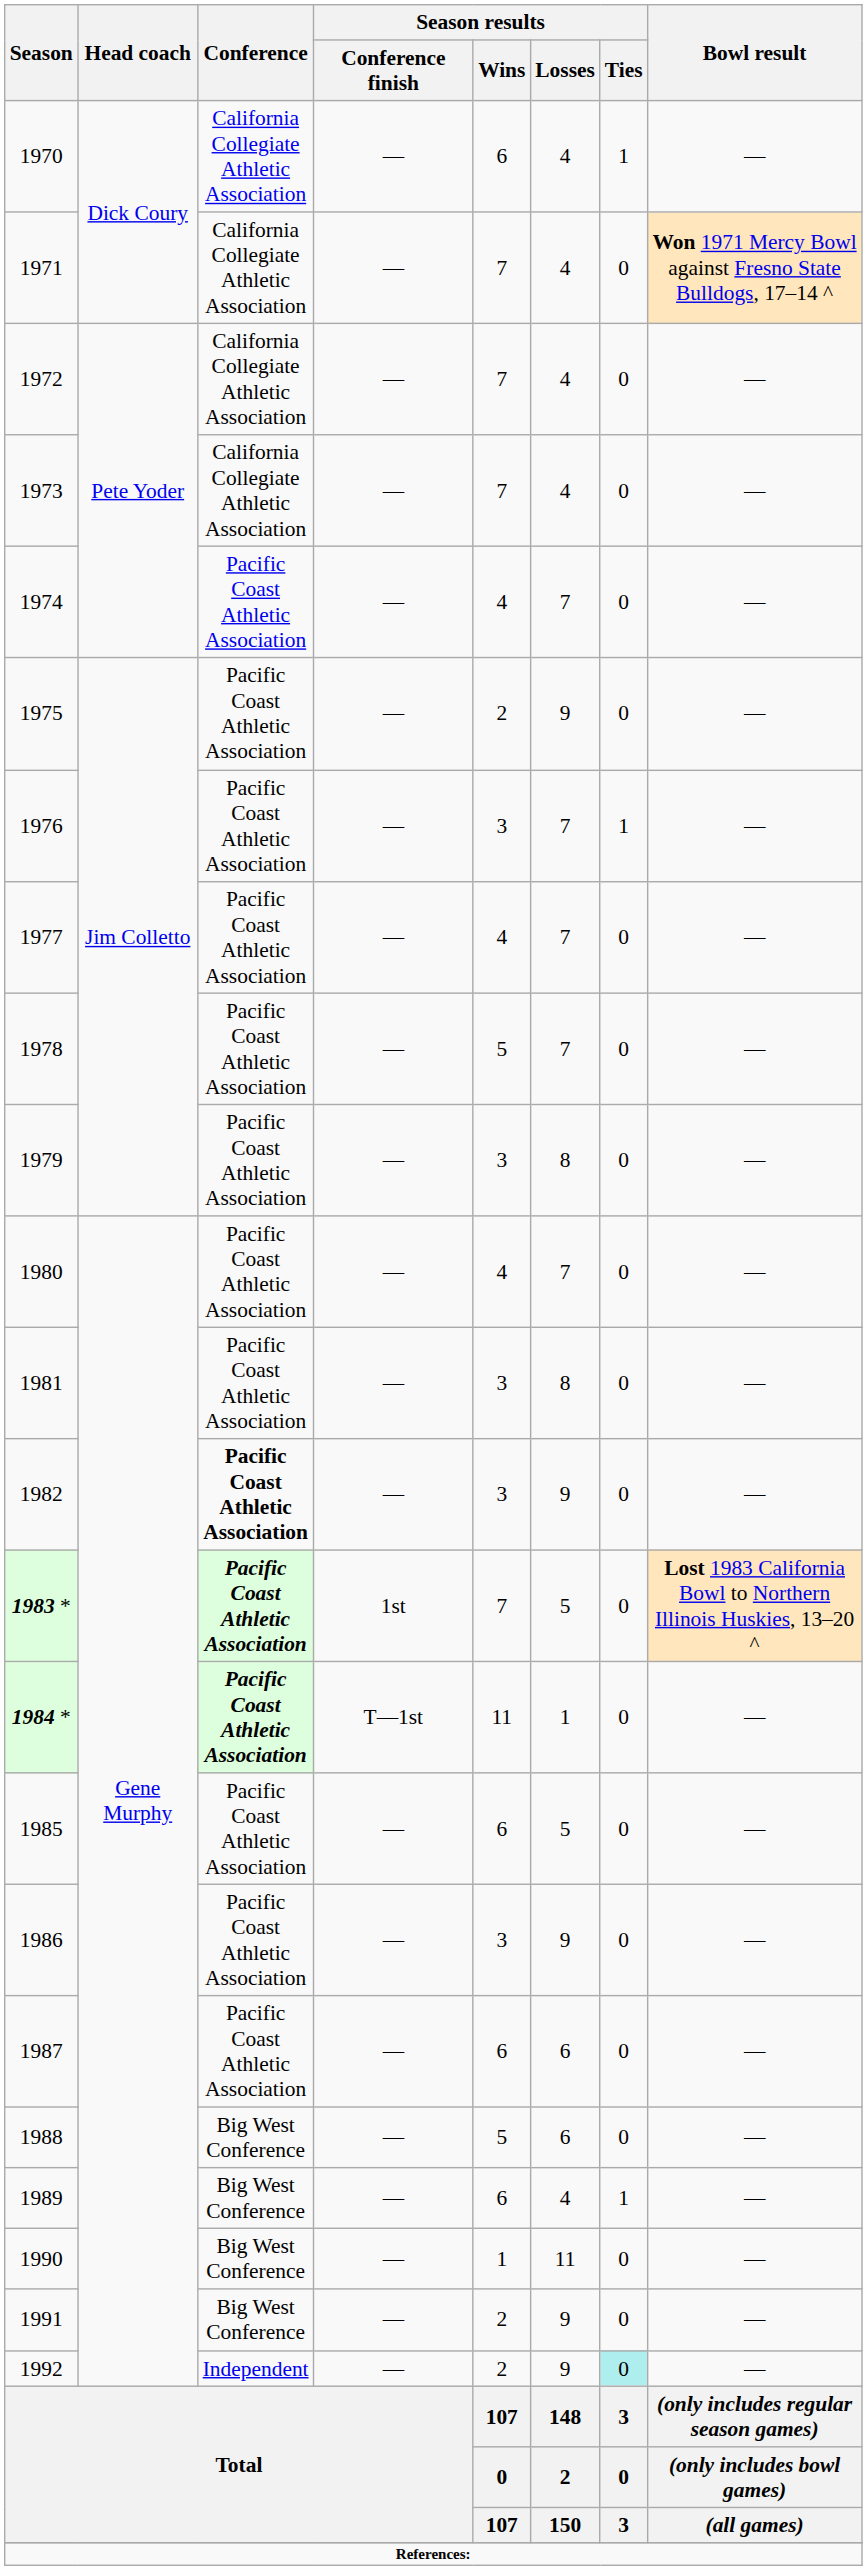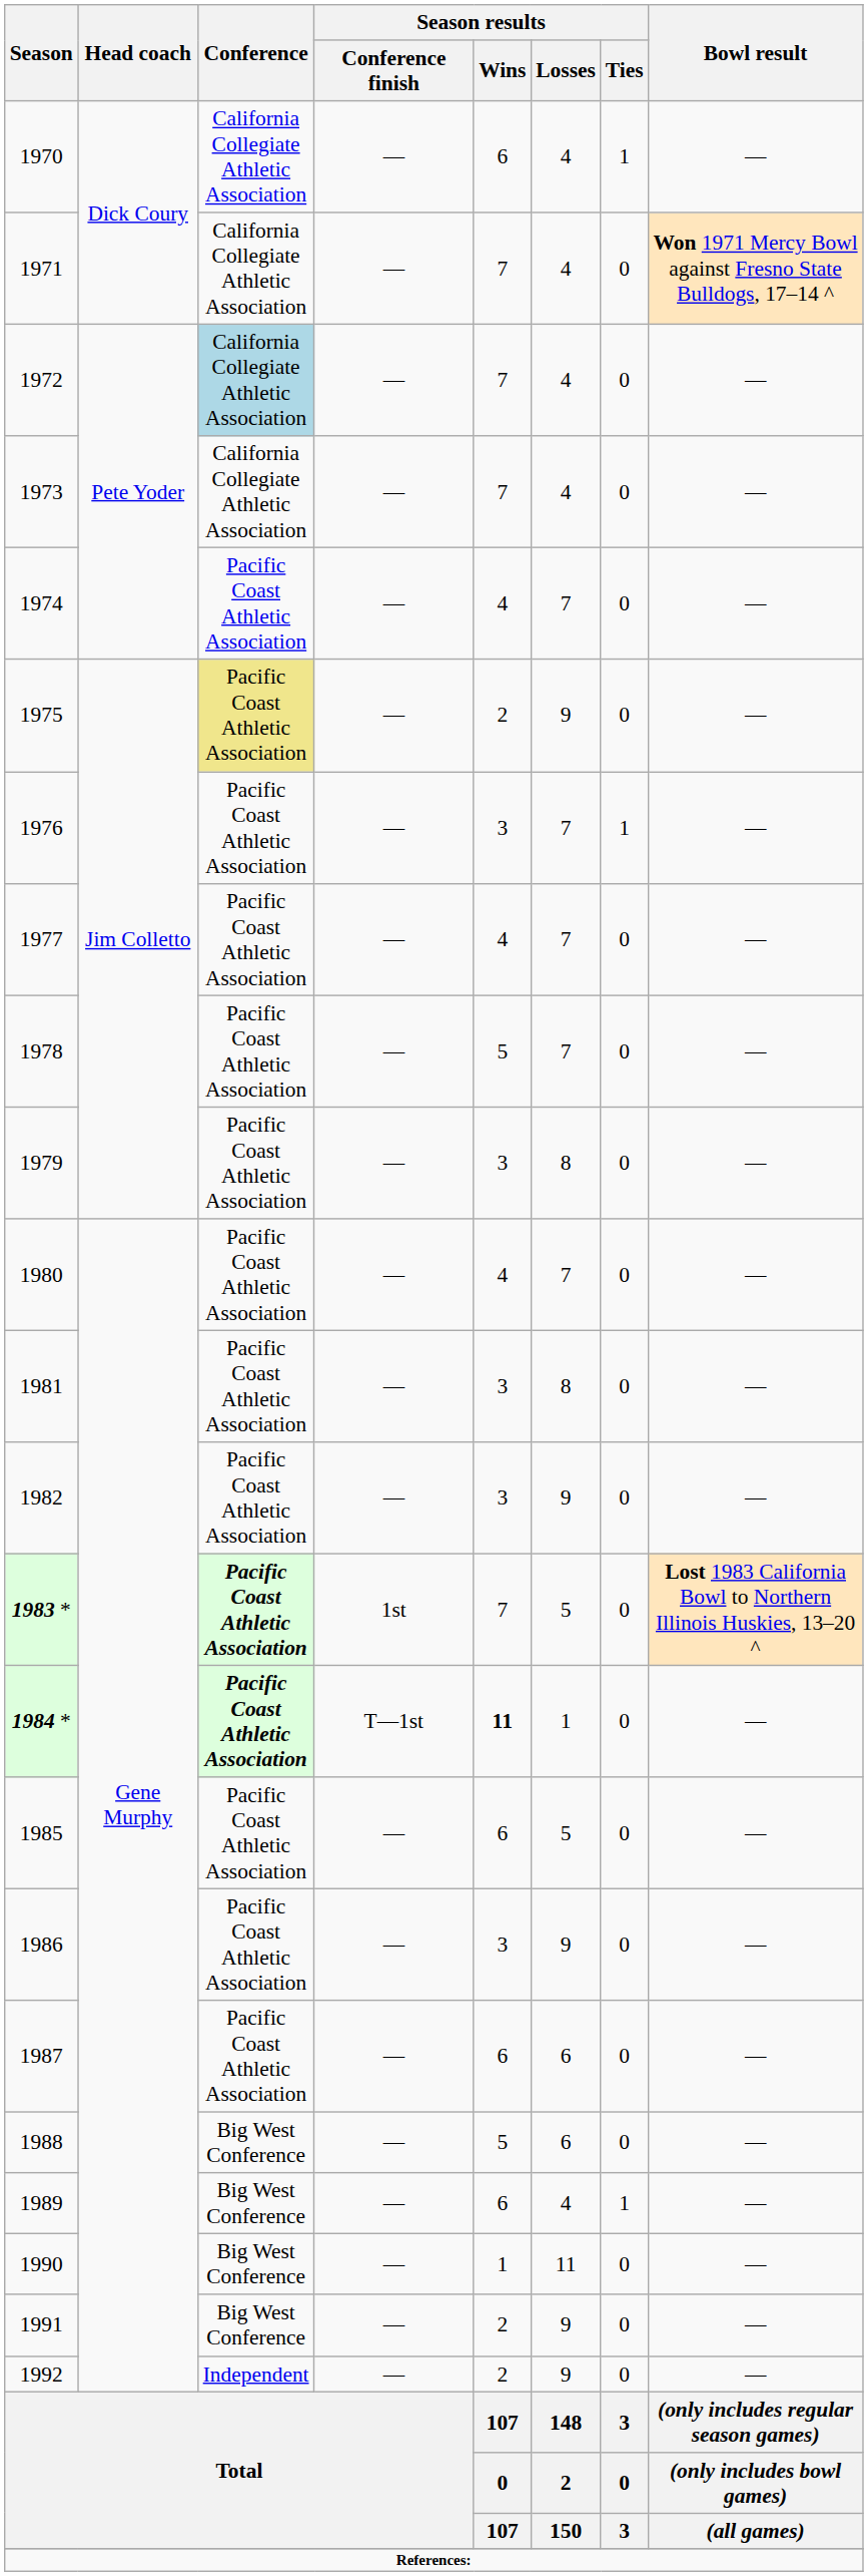 <table class="wikitable" style="font-size:95%; text-align:center;">
 <tr>
 <th rowspan="2" style="width:5%;">Season</th>
 <th rowspan="2" style="width:14%;">Head coach</th>
 <th rowspan="2" style="width:13%;">Conference</th>
 <th colspan="4">Season results</th>
 <th rowspan="2" style="width:25%;">Bowl result</th>
 </tr>
 <tr>
 <th>Conference finish</th>
 <th>Wins</th>
 <th>Losses</th>
 <th>Ties</th>
 </tr>
 <tr>
 <td>1970</td>
 <td rowspan=2><a href='#'>Dick Coury</a></td>
 <td><a href='#'>California Collegiate Athletic Association</a></td>
 <td>—</td>
 <td>6</td>
 <td>4</td>
 <td>1</td>
 <td>—</td>
 </tr>
 <tr>
 <td>1971</td>
 <td>California Collegiate Athletic Association</td>
 <td>—</td>
 <td>7</td>
 <td>4</td>
 <td>0</td>
 <td style="background: #ffe6bd;"><strong>Won</strong> <a href='#'>1971 Mercy Bowl</a> against <a href='#'>Fresno State Bulldogs</a>, 17–14 ^</td>
 </tr>
 <tr>
 <td>1972</td>
 <td rowspan=3><a href='#'>Pete Yoder</a></td>
-<td>California Collegiate Athletic Association</td>
+<td style="background: lightblue;">California Collegiate Athletic Association</td>
 <td>—</td>
 <td>7</td>
 <td>4</td>
 <td>0</td>
 <td>—</td>
 </tr>
 <tr>
 <td>1973</td>
 <td>California Collegiate Athletic Association</td>
 <td>—</td>
 <td>7</td>
 <td>4</td>
 <td>0</td>
 <td>—</td>
 </tr>
 <tr>
 <td>1974</td>
 <td><a href='#'>Pacific Coast Athletic Association</a></td>
 <td>—</td>
 <td>4</td>
 <td>7</td>
 <td>0</td>
 <td>—</td>
 </tr>
 <tr>
 <td>1975</td>
 <td rowspan=5><a href='#'>Jim Colletto</a></td>
-<td>Pacific Coast Athletic Association</td>
+<td style="background: khaki;">Pacific Coast Athletic Association</td>
 <td>—</td>
 <td>2</td>
 <td>9</td>
 <td>0</td>
 <td>—</td>
 </tr>
 <tr>
 <td>1976</td>
 <td>Pacific Coast Athletic Association</td>
 <td>—</td>
 <td>3</td>
 <td>7</td>
 <td>1</td>
 <td>—</td>
 </tr>
 <tr>
 <td>1977</td>
 <td>Pacific Coast Athletic Association</td>
 <td>—</td>
 <td>4</td>
 <td>7</td>
 <td>0</td>
 <td>—</td>
 </tr>
 <tr>
 <td>1978</td>
 <td>Pacific Coast Athletic Association</td>
 <td>—</td>
 <td>5</td>
 <td>7</td>
 <td>0</td>
 <td>—</td>
 </tr>
 <tr>
 <td>1979</td>
 <td>Pacific Coast Athletic Association</td>
 <td>—</td>
 <td>3</td>
 <td>8</td>
 <td>0</td>
 <td>—</td>
 </tr>
 <tr>
 <td>1980</td>
 <td rowspan=13><a href='#'>Gene Murphy</a></td>
 <td>Pacific Coast Athletic Association</td>
 <td>—</td>
 <td>4</td>
 <td>7</td>
 <td>0</td>
 <td>—</td>
 </tr>
 <tr>
 <td>1981</td>
 <td>Pacific Coast Athletic Association</td>
 <td>—</td>
 <td>3</td>
 <td>8</td>
 <td>0</td>
 <td>—</td>
 </tr>
 <tr>
 <td>1982</td>
-<td><strong>Pacific Coast Athletic Association</strong></td>
+<td>Pacific Coast Athletic Association</td>
 <td>—</td>
 <td>3</td>
 <td>9</td>
 <td>0</td>
 <td>—</td>
 </tr>
 <tr>
 <td style="background: #ddffdd;"><strong><em>1983</em></strong> *</td>
 <td style="background: #ddffdd;"><strong><em>Pacific Coast Athletic Association</em></strong></td>
 <td>1st</td>
 <td>7</td>
 <td>5</td>
 <td>0</td>
 <td style="background: #ffe6bd;"><strong>Lost</strong> <a href='#'>1983 California Bowl</a> to <a href='#'>Northern Illinois Huskies</a>, 13–20 ^</td>
 </tr>
 <tr>
 <td style="background: #ddffdd;"><strong><em>1984</em></strong> *</td>
 <td style="background: #ddffdd;"><strong><em>Pacific Coast Athletic Association</em></strong></td>
 <td>T—1st</td>
-<td>11</td>
+<td><strong>11</strong></td>
 <td>1</td>
 <td>0</td>
 <td>—</td>
 </tr>
 <tr>
 <td>1985</td>
 <td>Pacific Coast Athletic Association</td>
 <td>—</td>
 <td>6</td>
 <td>5</td>
 <td>0</td>
 <td>—</td>
 </tr>
 <tr>
 <td>1986</td>
 <td>Pacific Coast Athletic Association</td>
 <td>—</td>
 <td>3</td>
 <td>9</td>
 <td>0</td>
 <td>—</td>
 </tr>
 <tr>
 <td>1987</td>
 <td>Pacific Coast Athletic Association</td>
 <td>—</td>
 <td>6</td>
 <td>6</td>
 <td>0</td>
 <td>—</td>
 </tr>
 <tr>
 <td>1988</td>
 <td>Big West Conference</td>
 <td>—</td>
 <td>5</td>
 <td>6</td>
 <td>0</td>
 <td>—</td>
 </tr>
 <tr>
 <td>1989</td>
 <td>Big West Conference</td>
 <td>—</td>
 <td>6</td>
 <td>4</td>
 <td>1</td>
 <td>—</td>
 </tr>
 <tr>
 <td>1990</td>
 <td>Big West Conference</td>
 <td>—</td>
 <td>1</td>
 <td>11</td>
 <td>0</td>
 <td>—</td>
 </tr>
 <tr>
 <td>1991</td>
 <td>Big West Conference</td>
 <td>—</td>
 <td>2</td>
 <td>9</td>
 <td>0</td>
 <td>—</td>
 </tr>
 <tr>
 <td>1992</td>
 <td><a href='#'>Independent</a></td>
 <td>—</td>
 <td>2</td>
 <td>9</td>
-<td style="background: paleturquoise;">0</td>
+<td>0</td>
 <td>—</td>
 </tr>
 <tr>
 <th rowSpan="3" colSpan="4">Total</th>
 <th>107</th>
 <th>148</th>
 <th>3</th>
 <th colspan="2"><em>(only includes regular season games)</em></th>
 </tr>
 <tr>
 <th>0</th>
 <th>2</th>
 <th>0</th>
 <th colspan="2"><em>(only includes bowl games)</em></th>
 </tr>
 <tr>
 <th>107</th>
 <th>150</th>
 <th>3</th>
 <th colspan="2"><em>(all games)</em></th>
 </tr>
 <tr>
 </tr>
 <tr>
 <td colspan="8" style="font-size: 8pt"><strong>References:</strong></td>
 </tr>
 </table>
